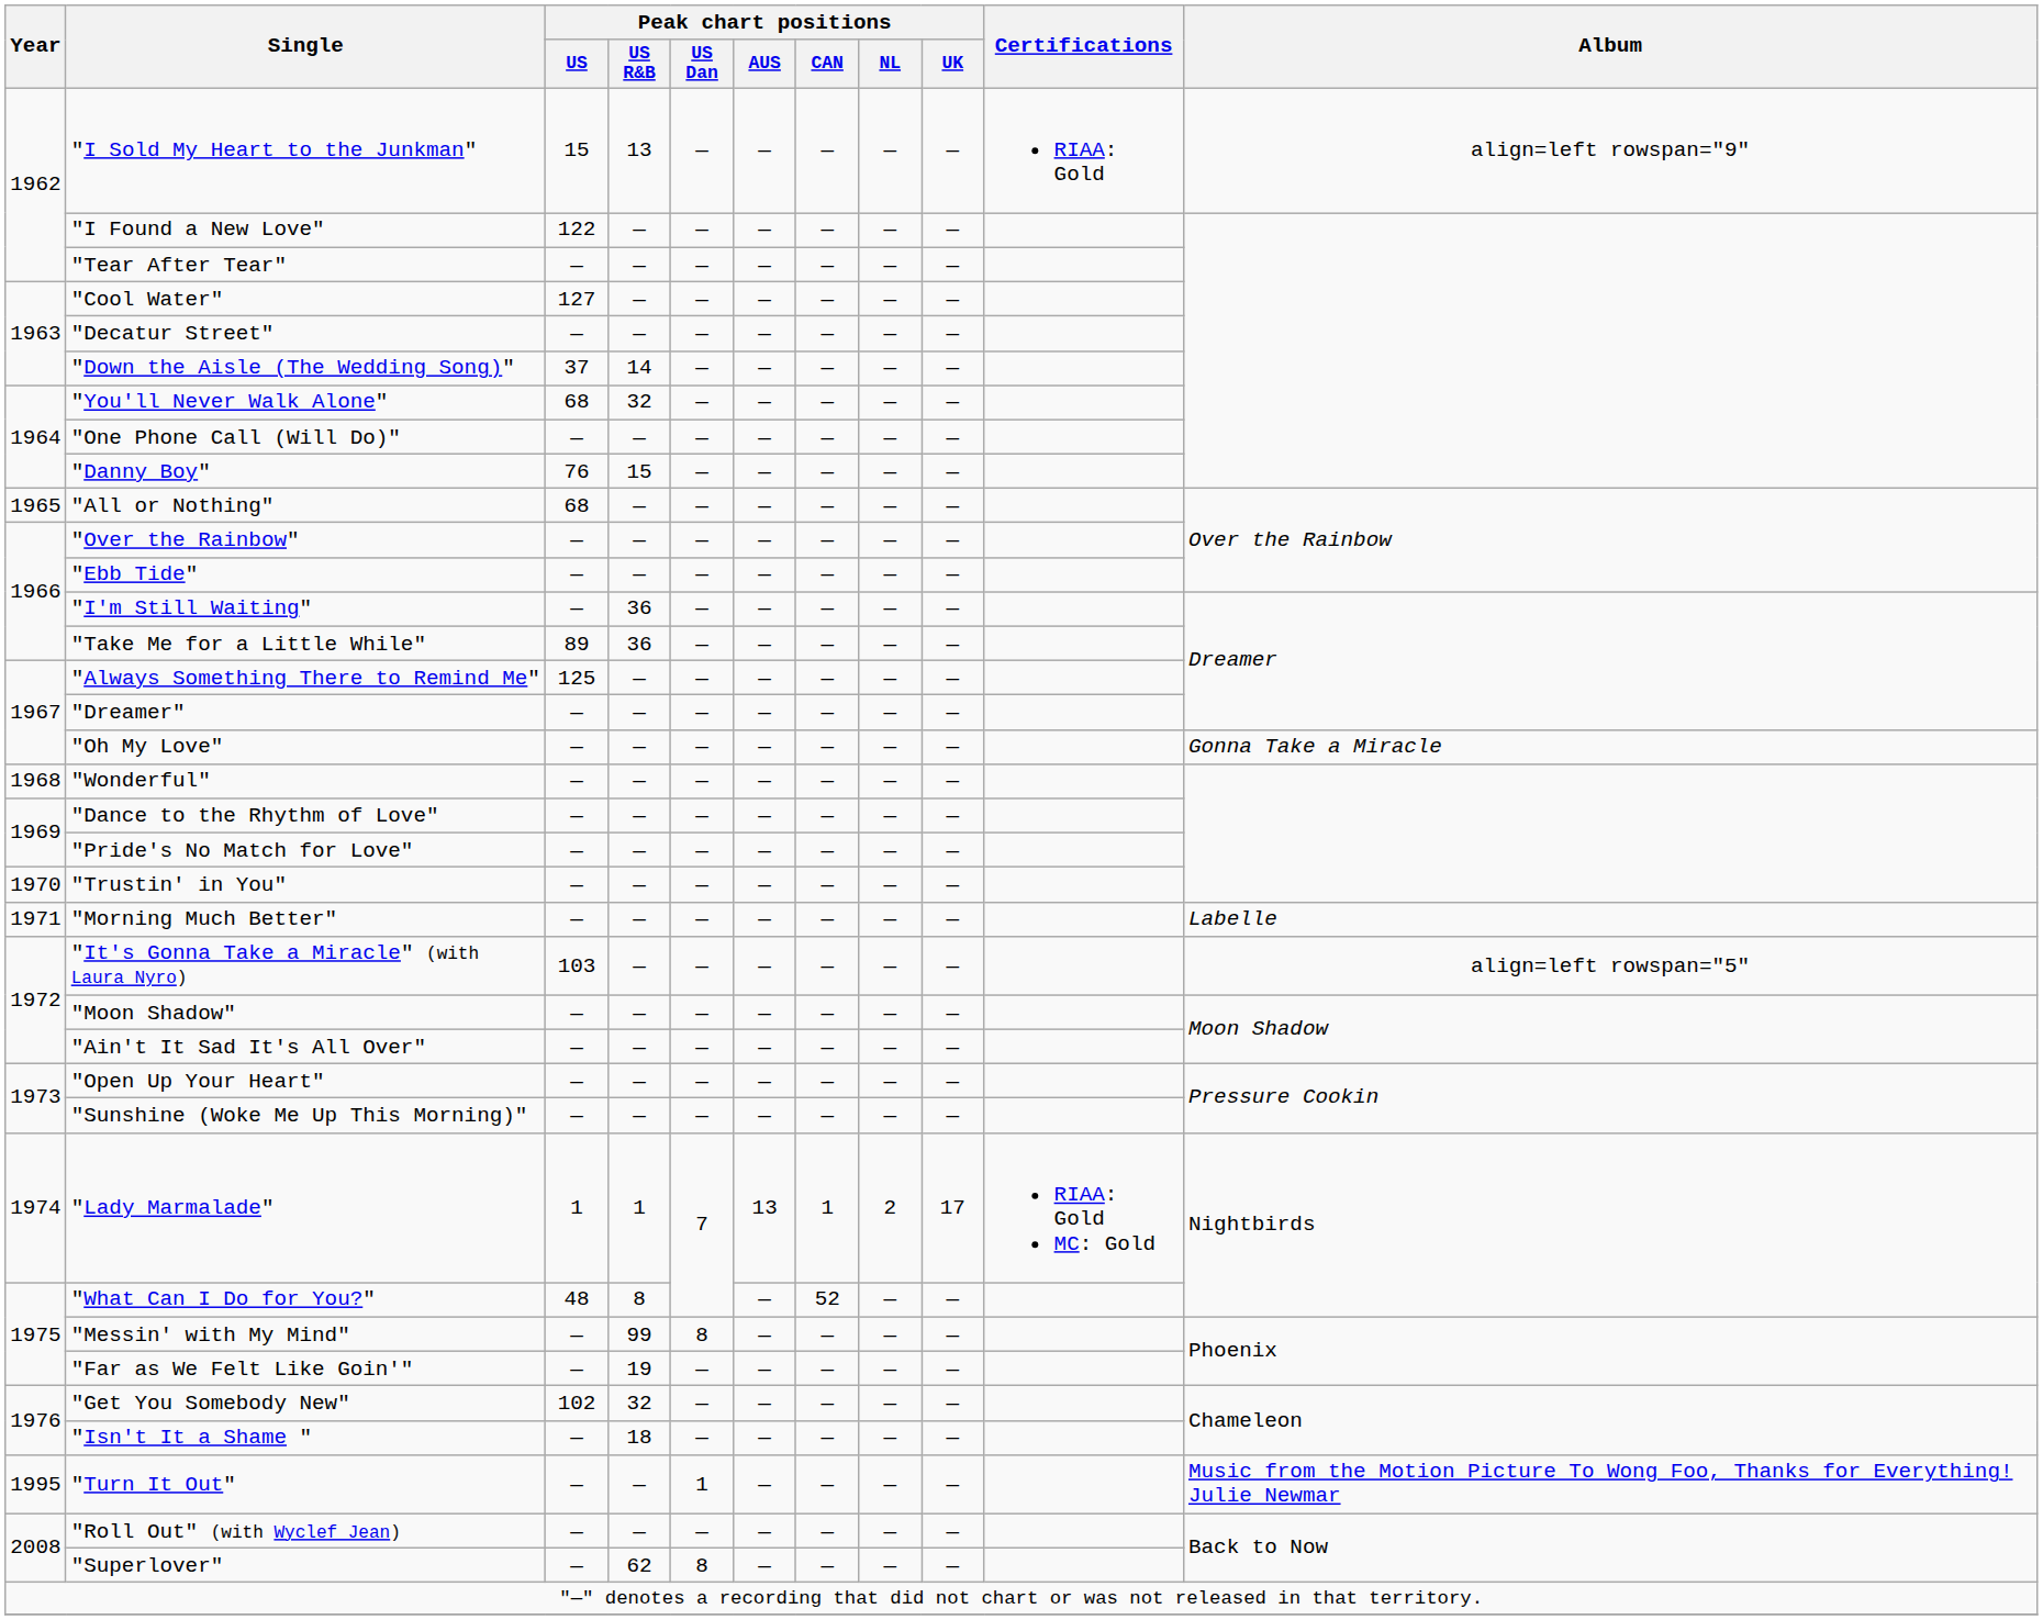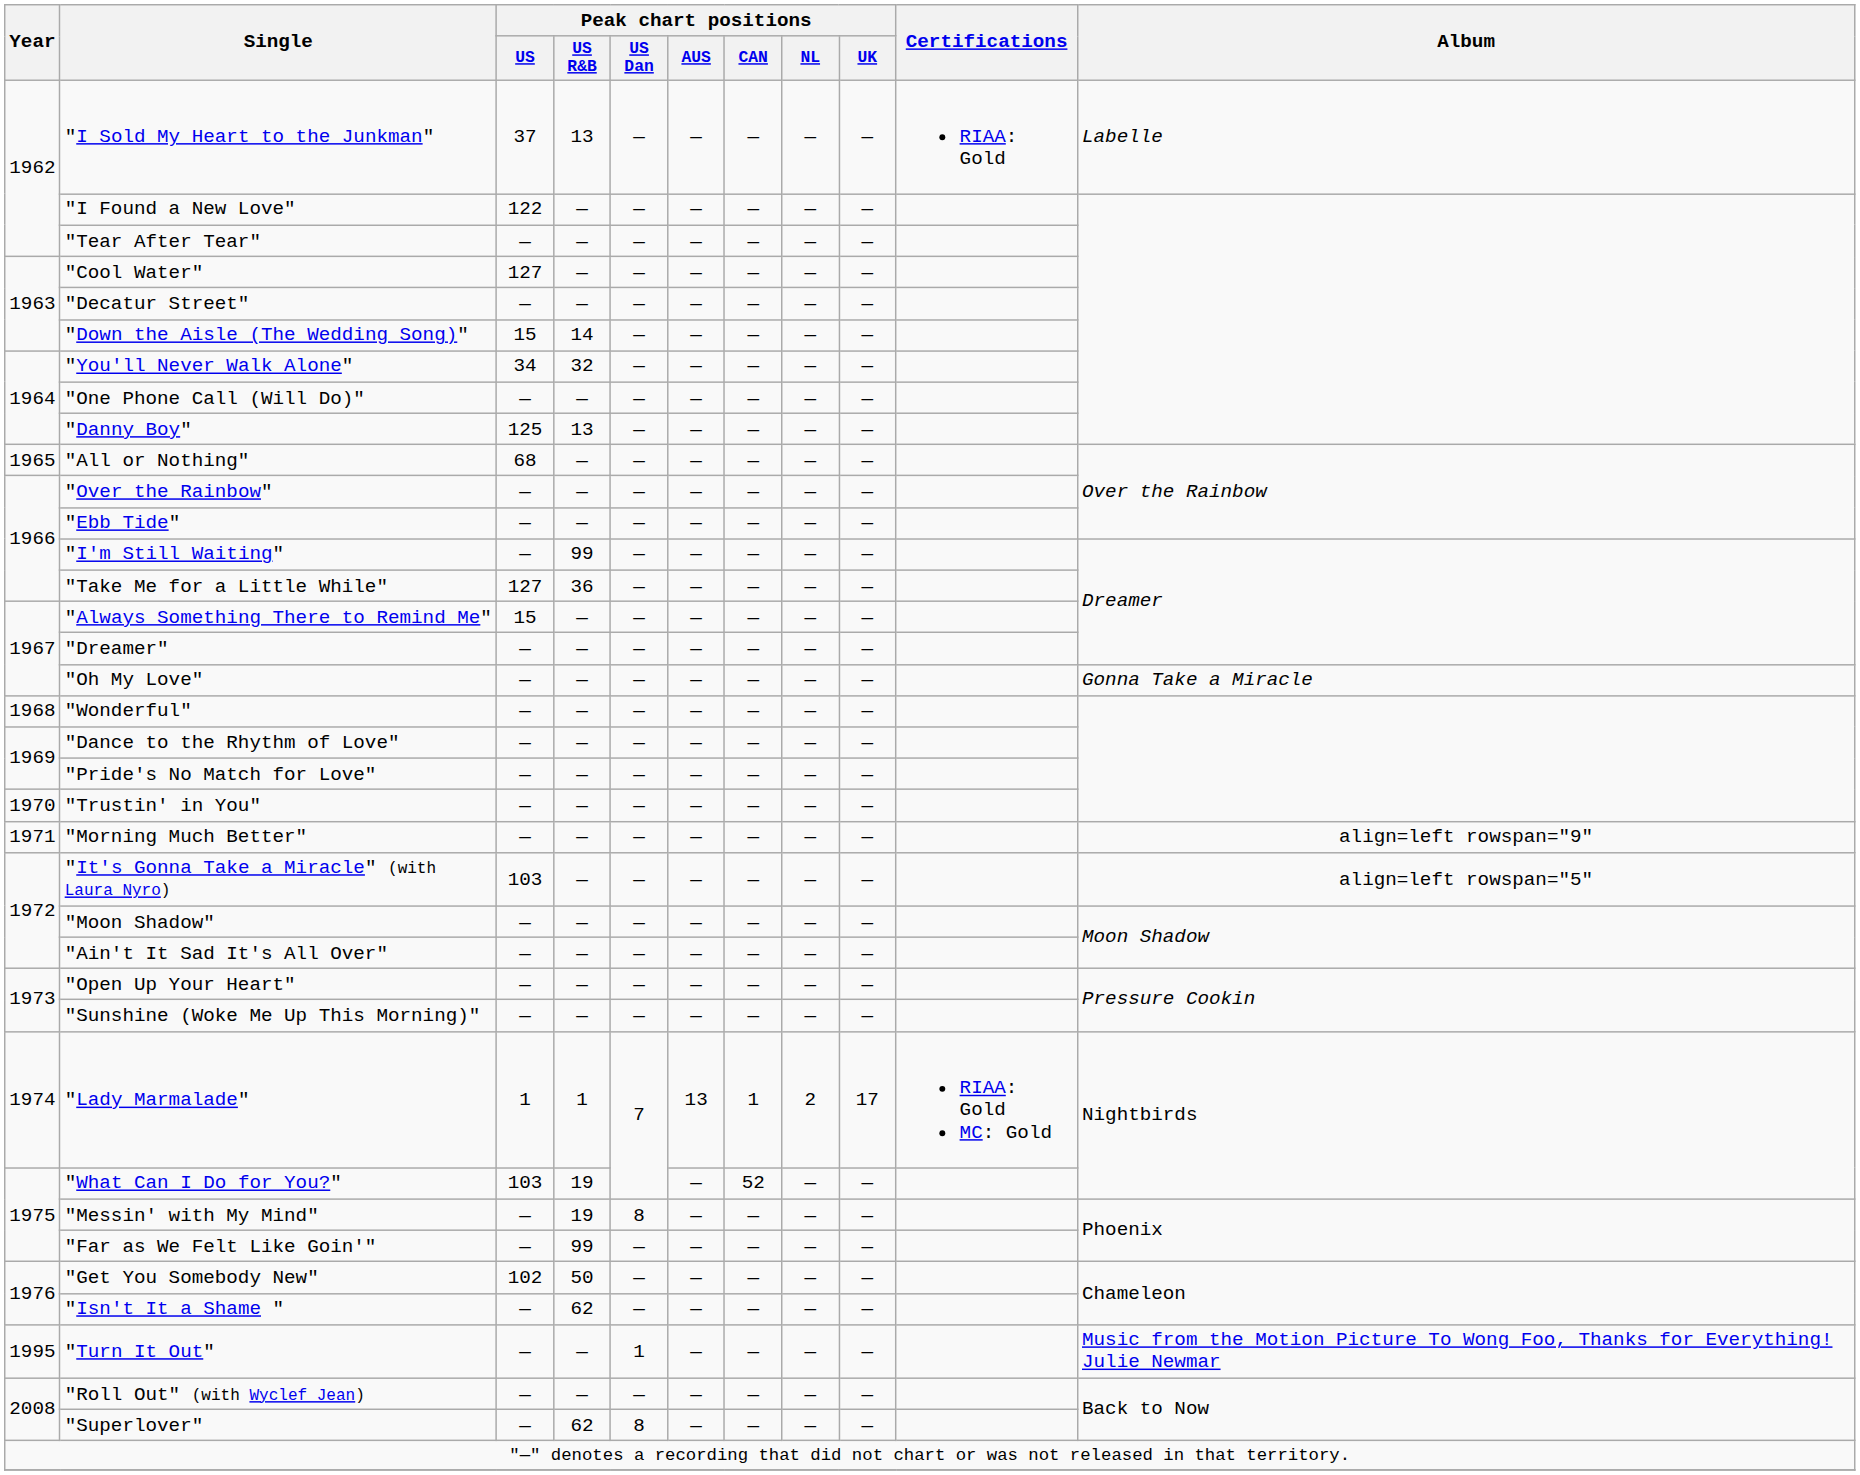 <table class="wikitable" style="text-align:center;">
 <tr>
 <th rowspan="2">Year</th>
 <th rowspan="2">Single</th>
 <th colspan="7">Peak chart positions</th>
 <th rowspan="2"><a href='#'>Certifications</a></th>
 <th rowspan="2">Album</th>
 </tr>
 <tr>
 <th scope="col" style="width:3em;font-size:85%;"><a href='#'>US</a><br></th>
 <th scope="col" style="width:3em;font-size:85%;"><a href='#'>US<br>R&B</a><br></th>
 <th scope="col" style="width:3em;font-size:85%;"><a href='#'>US<br>Dan</a><br></th>
 <th scope="col" style="width:3em;font-size:85%;"><a href='#'>AUS</a><br></th>
 <th scope="col" style="width:3em;font-size:85%;"><a href='#'>CAN</a><br></th>
 <th scope="col" style="width:3em;font-size:85%;"><a href='#'>NL</a><br></th>
 <th scope="col" style="width:3em;font-size:85%;"><a href='#'>UK</a><br></th>
 </tr>
 <tr>
 <td rowspan="3">1962</td>
 <td align="left">"<a href='#'>I Sold My Heart to the Junkman</a>"</td>
-<td>15</td>
+<td>37</td>
 <td>13</td>
 <td>—</td>
 <td>—</td>
 <td>—</td>
 <td>—</td>
 <td>—</td>
 <td align=left><br><ul><li><a href='#'>RIAA</a>: Gold</li></ul></td>
-<td>align=left rowspan="9" </td>
+<td align=left rowspan="1"><em>Labelle</em></td>
 </tr>
 <tr>
 <td align="left">"I Found a New Love"</td>
 <td>122</td>
 <td>—</td>
 <td>—</td>
 <td>—</td>
 <td>—</td>
 <td>—</td>
 <td>—</td>
 <td align=left></td>
 </tr>
 <tr>
 <td align="left">"Tear After Tear"</td>
 <td>—</td>
 <td>—</td>
 <td>—</td>
 <td>—</td>
 <td>—</td>
 <td>—</td>
 <td>—</td>
 <td align=left></td>
 </tr>
 <tr>
 <td rowspan="3">1963</td>
 <td align="left">"Cool Water"</td>
 <td>127</td>
 <td>—</td>
 <td>—</td>
 <td>—</td>
 <td>—</td>
 <td>—</td>
 <td>—</td>
 <td align=left></td>
 </tr>
 <tr>
 <td align="left">"Decatur Street"</td>
 <td>—</td>
 <td>—</td>
 <td>—</td>
 <td>—</td>
 <td>—</td>
 <td>—</td>
 <td>—</td>
 <td align=left></td>
 </tr>
 <tr>
 <td align="left">"<a href='#'>Down the Aisle (The Wedding Song)</a>"</td>
-<td>37</td>
+<td>15</td>
 <td>14</td>
 <td>—</td>
 <td>—</td>
 <td>—</td>
 <td>—</td>
 <td>—</td>
 <td align=left></td>
 </tr>
 <tr>
 <td rowspan="3">1964</td>
 <td align="left">"<a href='#'>You'll Never Walk Alone</a>"</td>
-<td>68</td>
+<td>34</td>
 <td>32</td>
 <td>—</td>
 <td>—</td>
 <td>—</td>
 <td>—</td>
 <td>—</td>
 <td align=left></td>
 </tr>
 <tr>
 <td align="left">"One Phone Call (Will Do)"</td>
 <td>—</td>
 <td>—</td>
 <td>—</td>
 <td>—</td>
 <td>—</td>
 <td>—</td>
 <td>—</td>
 <td align=left></td>
 </tr>
 <tr>
 <td align="left">"<a href='#'>Danny Boy</a>"</td>
-<td>76</td>
-<td>15</td>
+<td>125</td>
+<td>13</td>
 <td>—</td>
 <td>—</td>
 <td>—</td>
 <td>—</td>
 <td>—</td>
 <td align=left></td>
 </tr>
 <tr>
 <td rowspan="1">1965</td>
 <td align="left">"All or Nothing"</td>
 <td>68</td>
 <td>—</td>
 <td>—</td>
 <td>—</td>
 <td>—</td>
 <td>—</td>
 <td>—</td>
 <td align=left></td>
 <td align=left rowspan="3"><em>Over the Rainbow</em></td>
 </tr>
 <tr>
 <td rowspan="4">1966</td>
 <td align="left">"<a href='#'>Over the Rainbow</a>"</td>
 <td>—</td>
 <td>—</td>
 <td>—</td>
 <td>—</td>
 <td>—</td>
 <td>—</td>
 <td>—</td>
 <td align=left></td>
 </tr>
 <tr>
 <td align="left">"<a href='#'>Ebb Tide</a>"</td>
 <td>—</td>
 <td>—</td>
 <td>—</td>
 <td>—</td>
 <td>—</td>
 <td>—</td>
 <td>—</td>
 <td align=left></td>
 </tr>
 <tr>
 <td align="left">"<a href='#'>I'm Still Waiting</a>"</td>
 <td>—</td>
-<td>36</td>
+<td>99</td>
 <td>—</td>
 <td>—</td>
 <td>—</td>
 <td>—</td>
 <td>—</td>
 <td align=left></td>
 <td align=left rowspan="4"><em>Dreamer</em></td>
 </tr>
 <tr>
 <td align="left">"Take Me for a Little While"</td>
-<td>89</td>
+<td>127</td>
 <td>36</td>
 <td>—</td>
 <td>—</td>
 <td>—</td>
 <td>—</td>
 <td>—</td>
 <td align=left></td>
 </tr>
 <tr>
 <td rowspan="3">1967</td>
 <td align="left">"<a href='#'>Always Something There to Remind Me</a>"</td>
-<td>125</td>
+<td>15</td>
 <td>—</td>
 <td>—</td>
 <td>—</td>
 <td>—</td>
 <td>—</td>
 <td>—</td>
 <td align=left></td>
 </tr>
 <tr>
 <td align="left">"Dreamer"</td>
 <td>—</td>
 <td>—</td>
 <td>—</td>
 <td>—</td>
 <td>—</td>
 <td>—</td>
 <td>—</td>
 <td align=left></td>
 </tr>
 <tr>
 <td align="left">"Oh My Love"</td>
 <td>—</td>
 <td>—</td>
 <td>—</td>
 <td>—</td>
 <td>—</td>
 <td>—</td>
 <td>—</td>
 <td align=left></td>
 <td align=left rowspan="1"><em>Gonna Take a Miracle</em></td>
 </tr>
 <tr>
 <td rowspan="1">1968</td>
 <td align="left">"Wonderful"</td>
 <td>—</td>
 <td>—</td>
 <td>—</td>
 <td>—</td>
 <td>—</td>
 <td>—</td>
 <td>—</td>
 <td align=left></td>
 </tr>
 <tr>
 <td rowspan="2">1969</td>
 <td align="left">"Dance to the Rhythm of Love"</td>
 <td>—</td>
 <td>—</td>
 <td>—</td>
 <td>—</td>
 <td>—</td>
 <td>—</td>
 <td>—</td>
 <td align=left></td>
 </tr>
 <tr>
 <td align="left">"Pride's No Match for Love"</td>
 <td>—</td>
 <td>—</td>
 <td>—</td>
 <td>—</td>
 <td>—</td>
 <td>—</td>
 <td>—</td>
 <td align=left></td>
 </tr>
 <tr>
 <td rowspan="1">1970</td>
 <td align="left">"Trustin' in You"</td>
 <td>—</td>
 <td>—</td>
 <td>—</td>
 <td>—</td>
 <td>—</td>
 <td>—</td>
 <td>—</td>
 <td align=left></td>
 </tr>
 <tr>
 <td rowspan="1">1971</td>
 <td align="left">"Morning Much Better"</td>
 <td>—</td>
 <td>—</td>
 <td>—</td>
 <td>—</td>
 <td>—</td>
 <td>—</td>
 <td>—</td>
 <td align=left></td>
-<td align=left rowspan="1"><em>Labelle</em></td>
+<td>align=left rowspan="9" </td>
 </tr>
 <tr>
 <td rowspan="3">1972</td>
 <td align="left">"<a href='#'>It's Gonna Take a Miracle</a>" <small>(with <a href='#'>Laura Nyro</a>)</small></td>
 <td>103</td>
 <td>—</td>
 <td>—</td>
 <td>—</td>
 <td>—</td>
 <td>—</td>
 <td>—</td>
 <td align=left></td>
 <td>align=left rowspan="5" </td>
 </tr>
 <tr>
 <td align="left">"Moon Shadow"</td>
 <td>—</td>
 <td>—</td>
 <td>—</td>
 <td>—</td>
 <td>—</td>
 <td>—</td>
 <td>—</td>
 <td align=left></td>
 <td align=left rowspan="2"><em>Moon Shadow</em></td>
 </tr>
 <tr>
 <td align="left">"Ain't It Sad It's All Over"</td>
 <td>—</td>
 <td>—</td>
 <td>—</td>
 <td>—</td>
 <td>—</td>
 <td>—</td>
 <td>—</td>
 <td align=left></td>
 </tr>
 <tr>
 <td rowspan="2">1973</td>
 <td align="left">"Open Up Your Heart"</td>
 <td>—</td>
 <td>—</td>
 <td>—</td>
 <td>—</td>
 <td>—</td>
 <td>—</td>
 <td>—</td>
 <td align=left></td>
 <td align=left rowspan="2"><em>Pressure Cookin<strong></td>
 </tr>
 <tr>
 <td align="left">"Sunshine (Woke Me Up This Morning)"</td>
 <td>—</td>
 <td>—</td>
 <td>—</td>
 <td>—</td>
 <td>—</td>
 <td>—</td>
 <td>—</td>
 <td align=left></td>
 </tr>
 <tr>
 <td rowspan="1">1974</td>
 <td align="left">"<a href='#'>Lady Marmalade</a>"</td>
 <td>1</td>
 <td>1</td>
 <td rowspan="2">7</td>
 <td>13</td>
 <td>1</td>
 <td>2</td>
 <td>17</td>
 <td align=left><br><ul><li><a href='#'>RIAA</a>: Gold</li><li><a href='#'>MC</a>: Gold</li></ul></td>
 <td align=left rowspan="2"></em>Nightbirds<em></td>
 </tr>
 <tr>
 <td rowspan="3">1975</td>
 <td align="left">"<a href='#'>What Can I Do for You?</a>"</td>
-<td>48</td>
-<td>8</td>
+<td>103</td>
+<td>19</td>
 <td>—</td>
 <td>52</td>
 <td>—</td>
 <td>—</td>
 <td align=left></td>
 </tr>
 <tr>
 <td align="left">"Messin' with My Mind"</td>
 <td>—</td>
-<td>99</td>
+<td>19</td>
 <td>8</td>
 <td>—</td>
 <td>—</td>
 <td>—</td>
 <td>—</td>
 <td align=left></td>
 <td align=left rowspan="2"></em>Phoenix<em></td>
 </tr>
 <tr>
 <td align="left">"Far as We Felt Like Goin'"</td>
 <td>—</td>
-<td>19</td>
+<td>99</td>
 <td>—</td>
 <td>—</td>
 <td>—</td>
 <td>—</td>
 <td>—</td>
 <td align=left></td>
 </tr>
 <tr>
 <td rowspan="2">1976</td>
 <td align="left">"Get You Somebody New"</td>
 <td>102</td>
-<td>32</td>
+<td>50</td>
 <td>—</td>
 <td>—</td>
 <td>—</td>
 <td>—</td>
 <td>—</td>
 <td align=left></td>
 <td align=left rowspan="2"></em>Chameleon<em></td>
 </tr>
 <tr>
 <td align="left">"<a href='#'>Isn't It a Shame</a> "</td>
 <td>—</td>
-<td>18</td>
+<td>62</td>
 <td>—</td>
 <td>—</td>
 <td>—</td>
 <td>—</td>
 <td>—</td>
 <td align=left></td>
 </tr>
 <tr>
 <td rowspan="1">1995</td>
 <td align="left">"<a href='#'>Turn It Out</a>"</td>
 <td>—</td>
 <td>—</td>
 <td>1</td>
 <td>—</td>
 <td>—</td>
 <td>—</td>
 <td>—</td>
 <td align=left></td>
 <td align=left rowspan="1"></em><a href='#'>Music from the Motion Picture To Wong Foo, Thanks for Everything! Julie Newmar</a><em></td>
 </tr>
 <tr>
 <td rowspan="2">2008</td>
 <td align="left">"Roll Out" <small>(with <a href='#'>Wyclef Jean</a>)</small></td>
 <td>—</td>
 <td>—</td>
 <td>—</td>
 <td>—</td>
 <td>—</td>
 <td>—</td>
 <td>—</td>
 <td align=left></td>
 <td align=left rowspan="2"></em>Back to Now<em></td>
 </tr>
 <tr>
 <td align="left">"Superlover"</td>
 <td>—</td>
 <td>62</td>
 <td>8</td>
 <td>—</td>
 <td>—</td>
 <td>—</td>
 <td>—</td>
 <td align=left></td>
 </tr>
 <tr>
 <td colspan="15" style="font-size:90%">"—" denotes a recording that did not chart or was not released in that territory.</td>
 </tr>
 <tr>
 </tr>
 </table>
